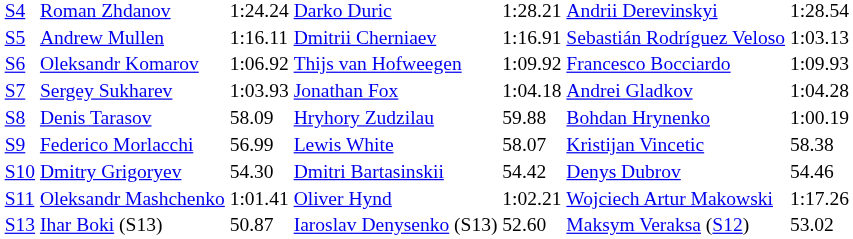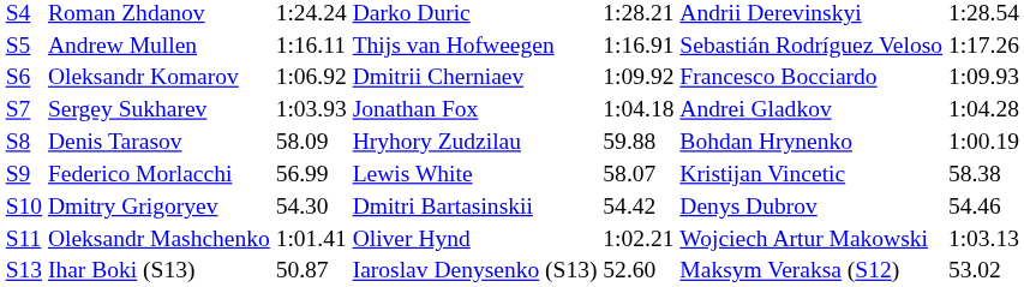 <table>
 <tr>
 <td><a href='#'>S4</a></td>
 <td><a href='#'>Roman Zhdanov</a><br></td>
 <td>1:24.24</td>
 <td><a href='#'>Darko Duric</a><br></td>
 <td>1:28.21</td>
 <td><a href='#'>Andrii Derevinskyi</a><br></td>
 <td>1:28.54</td>
 </tr>
 <tr>
 <td><a href='#'>S5</a></td>
 <td><a href='#'>Andrew Mullen</a><br></td>
 <td>1:16.11</td>
-<td><a href='#'>Dmitrii Cherniaev</a><br></td>
+<td><a href='#'>Thijs van Hofweegen</a><br></td>
 <td>1:16.91</td>
 <td><a href='#'>Sebastián Rodríguez Veloso</a><br></td>
-<td>1:03.13</td>
+<td>1:17.26</td>
 </tr>
 <tr>
 <td><a href='#'>S6</a></td>
 <td><a href='#'>Oleksandr Komarov</a><br></td>
 <td>1:06.92</td>
-<td><a href='#'>Thijs van Hofweegen</a><br></td>
+<td><a href='#'>Dmitrii Cherniaev</a><br></td>
 <td>1:09.92</td>
 <td><a href='#'>Francesco Bocciardo</a><br></td>
 <td>1:09.93</td>
 </tr>
 <tr>
 <td><a href='#'>S7</a></td>
 <td><a href='#'>Sergey Sukharev</a><br></td>
 <td>1:03.93</td>
 <td><a href='#'>Jonathan Fox</a><br></td>
 <td>1:04.18</td>
 <td><a href='#'>Andrei Gladkov</a><br></td>
 <td>1:04.28</td>
 </tr>
 <tr>
 <td><a href='#'>S8</a></td>
 <td><a href='#'>Denis Tarasov</a><br></td>
 <td>58.09</td>
 <td><a href='#'>Hryhory Zudzilau</a><br></td>
 <td>59.88</td>
 <td><a href='#'>Bohdan Hrynenko</a><br></td>
 <td>1:00.19</td>
 </tr>
 <tr>
 <td><a href='#'>S9</a></td>
 <td><a href='#'>Federico Morlacchi</a><br></td>
 <td>56.99</td>
 <td><a href='#'>Lewis White</a><br></td>
 <td>58.07</td>
 <td><a href='#'>Kristijan Vincetic</a><br></td>
 <td>58.38</td>
 </tr>
 <tr>
 <td><a href='#'>S10</a></td>
 <td><a href='#'>Dmitry Grigoryev</a><br></td>
 <td>54.30</td>
 <td><a href='#'>Dmitri Bartasinskii</a><br></td>
 <td>54.42</td>
 <td><a href='#'>Denys Dubrov</a><br></td>
 <td>54.46</td>
 </tr>
 <tr>
 <td><a href='#'>S11</a></td>
 <td><a href='#'>Oleksandr Mashchenko</a><br></td>
 <td>1:01.41</td>
 <td><a href='#'>Oliver Hynd</a><br></td>
 <td>1:02.21</td>
 <td><a href='#'>Wojciech Artur Makowski</a><br></td>
-<td>1:17.26</td>
+<td>1:03.13</td>
 </tr>
 <tr>
 <td><a href='#'>S13</a></td>
 <td><a href='#'>Ihar Boki</a> (S13)<br></td>
 <td>50.87</td>
 <td><a href='#'>Iaroslav Denysenko</a> (S13)<br></td>
 <td>52.60</td>
 <td><a href='#'>Maksym Veraksa</a> (<a href='#'>S12</a>)<br></td>
 <td>53.02</td>
 </tr>
 </table>
